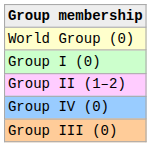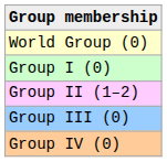 <table class="wikitable">
 <tr style="background:#eee;">
 <td><strong>Group membership</strong></td>
 </tr>
 <tr style="background:#ffc;">
 <td>World Group (0)</td>
 </tr>
 <tr style="background:#cfc;">
 <td>Group I (0)</td>
 </tr>
 <tr style="background:#fcf;">
 <td>Group II (1–2)</td>
 </tr>
 <tr style="background:#9cf;">
+<td>Group III (0)</td>
+</tr>
+<tr style="background:#fc9;">
 <td>Group IV (0)</td>
 </tr>
-<tr style="background:#fc9;">
-<td>Group III (0)</td>
-</tr>
 </table>
